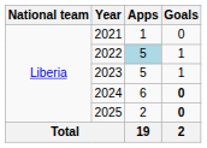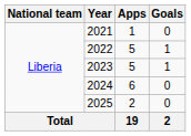 <table class="wikitable" style="text-align:center">
 <tr>
 <th>National team</th>
 <th>Year</th>
 <th>Apps</th>
 <th>Goals</th>
 </tr>
 <tr>
 <td rowspan="5"><a href='#'>Liberia</a></td>
 <td>2021</td>
 <td>1</td>
 <td>0</td>
 </tr>
 <tr>
 <td>2022</td>
-<td style="background: lightblue;">5</td>
+<td>5</td>
 <td>1</td>
 </tr>
 <tr>
 <td>2023</td>
 <td>5</td>
 <td>1</td>
 </tr>
 <tr>
 <td>2024</td>
 <td>6</td>
-<td><strong>0</strong></td>
+<td>0</td>
 </tr>
 <tr>
 <td>2025</td>
 <td>2</td>
-<td><strong>0</strong></td>
+<td>0</td>
 </tr>
 <tr>
 <th colspan="2">Total</th>
 <th>19</th>
 <th>2</th>
 </tr>
 </table>
